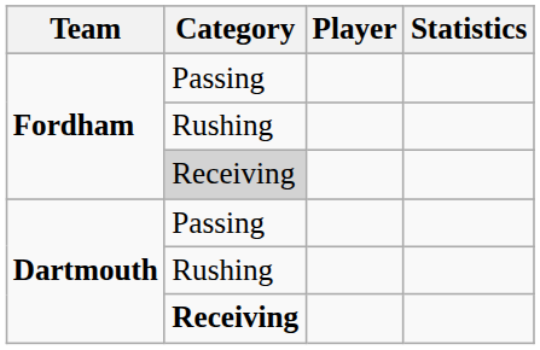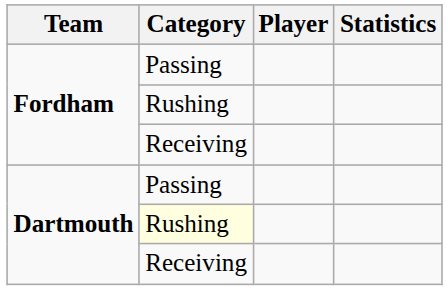 <table class="wikitable" style="float: right;">
 <tr>
 <th>Team</th>
 <th>Category</th>
 <th>Player</th>
 <th>Statistics</th>
 </tr>
 <tr>
 <td rowspan=3><strong>Fordham</strong></td>
 <td>Passing</td>
 <td></td>
 <td></td>
 </tr>
 <tr>
 <td>Rushing</td>
 <td></td>
 <td></td>
 </tr>
 <tr>
-<td style="background: lightgrey;">Receiving</td>
+<td>Receiving</td>
 <td></td>
 <td></td>
 </tr>
 <tr>
 <td rowspan=3><strong>Dartmouth</strong></td>
 <td>Passing</td>
 <td></td>
 <td></td>
 </tr>
 <tr>
-<td>Rushing</td>
+<td style="background: lightyellow;">Rushing</td>
 <td></td>
 <td></td>
 </tr>
 <tr>
-<td><strong>Receiving</strong></td>
+<td>Receiving</td>
 <td></td>
 <td></td>
 </tr>
 </table>
